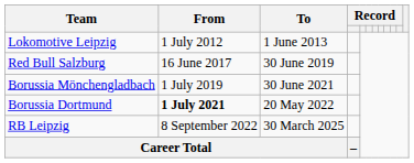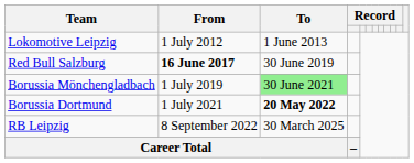 <table class="wikitable" style="text-align:center">
 <tr>
 <th rowspan="2">Team</th>
 <th rowspan="2">From</th>
 <th rowspan="2">To</th>
 <th colspan="8">Record</th>
 <th rowspan=2></th>
 </tr>
 <tr>
 <th></th>
 <th></th>
 <th></th>
 <th></th>
 <th></th>
 <th></th>
 <th></th>
 <th></th>
 </tr>
 <tr>
 <td align=left><a href='#'>Lokomotive Leipzig</a></td>
 <td align=left>1 July 2012</td>
 <td align=left>1 June 2013<br></td>
 <td></td>
 </tr>
 <tr>
 <td align=left><a href='#'>Red Bull Salzburg</a></td>
-<td align=left>16 June 2017</td>
+<td align=left><strong>16 June 2017</strong></td>
 <td align=left>30 June 2019<br></td>
 <td></td>
 </tr>
 <tr>
 <td align=left><a href='#'>Borussia Mönchengladbach</a></td>
 <td align=left>1 July 2019</td>
-<td align=left>30 June 2021<br></td>
+<td align=left style="background: lightgreen;">30 June 2021<br></td>
 <td></td>
 </tr>
 <tr>
 <td align=left><a href='#'>Borussia Dortmund</a></td>
-<td align=left><strong>1 July 2021</strong></td>
-<td align=left>20 May 2022<br></td>
+<td align=left>1 July 2021</td>
+<td align=left><strong>20 May 2022<br></strong></td>
 <td></td>
 </tr>
 <tr>
 <td align=left><a href='#'>RB Leipzig</a></td>
 <td align=left>8 September 2022</td>
 <td align=left>30 March 2025<br></td>
 <td></td>
 </tr>
 <tr>
 <th colspan="3">Career Total<br></th>
 <th>–</th>
 </tr>
 </table>
